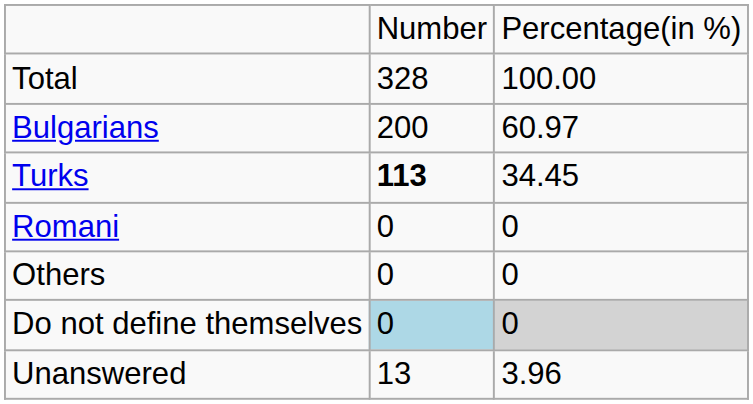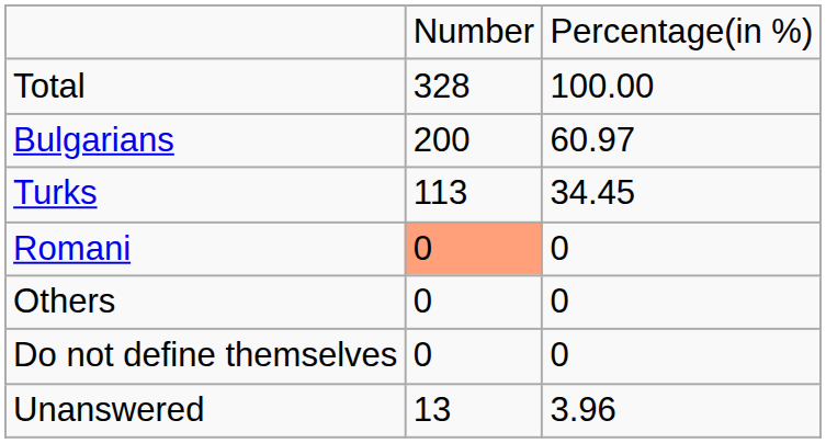 <table class="wikitable">
 <tr>
 <td></td>
 <td>Number</td>
 <td>Percentage(in %)</td>
 </tr>
 <tr>
 <td>Total</td>
 <td>328</td>
 <td>100.00</td>
 </tr>
 <tr>
 <td><a href='#'>Bulgarians</a></td>
 <td>200</td>
 <td>60.97</td>
 </tr>
 <tr>
 <td><a href='#'>Turks</a></td>
-<td><strong>113</strong></td>
+<td>113</td>
 <td>34.45</td>
 </tr>
 <tr>
 <td><a href='#'>Romani</a></td>
-<td>0</td>
+<td style="background: lightsalmon;">0</td>
 <td>0</td>
 </tr>
 <tr>
 <td>Others</td>
 <td>0</td>
 <td>0</td>
 </tr>
 <tr>
 <td>Do not define themselves</td>
-<td style="background: lightblue;">0</td>
-<td style="background: lightgrey;">0</td>
+<td>0</td>
+<td>0</td>
 </tr>
 <tr>
 <td>Unanswered</td>
 <td>13</td>
 <td>3.96</td>
 </tr>
 </table>
